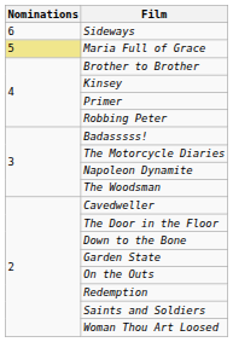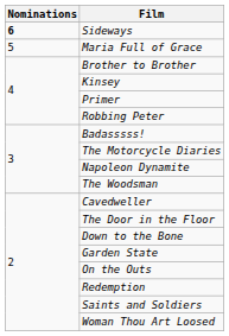 <table class="wikitable">
 <tr>
 <th>Nominations</th>
 <th>Film</th>
 </tr>
 <tr>
-<td>6</td>
+<td><strong>6</strong></td>
 <td><em>Sideways</em></td>
 </tr>
 <tr>
-<td style="background: khaki;">5</td>
+<td>5</td>
 <td><em>Maria Full of Grace</em></td>
 </tr>
 <tr>
 <td rowspan="4">4</td>
 <td><em>Brother to Brother</em></td>
 </tr>
 <tr>
 <td><em>Kinsey</em></td>
 </tr>
 <tr>
 <td><em>Primer</em></td>
 </tr>
 <tr>
 <td><em>Robbing Peter</em></td>
 </tr>
 <tr>
 <td rowspan="4">3</td>
 <td><em>Badasssss!</em></td>
 </tr>
 <tr>
 <td><em>The Motorcycle Diaries</em></td>
 </tr>
 <tr>
 <td><em>Napoleon Dynamite</em></td>
 </tr>
 <tr>
 <td><em>The Woodsman</em></td>
 </tr>
 <tr>
 <td rowspan="8">2</td>
 <td><em>Cavedweller</em></td>
 </tr>
 <tr>
 <td><em>The Door in the Floor</em></td>
 </tr>
 <tr>
 <td><em>Down to the Bone</em></td>
 </tr>
 <tr>
 <td><em>Garden State</em></td>
 </tr>
 <tr>
 <td><em>On the Outs</em></td>
 </tr>
 <tr>
 <td><em>Redemption</em></td>
 </tr>
 <tr>
 <td><em>Saints and Soldiers</em></td>
 </tr>
 <tr>
 <td><em>Woman Thou Art Loosed</em></td>
 </tr>
 </table>
